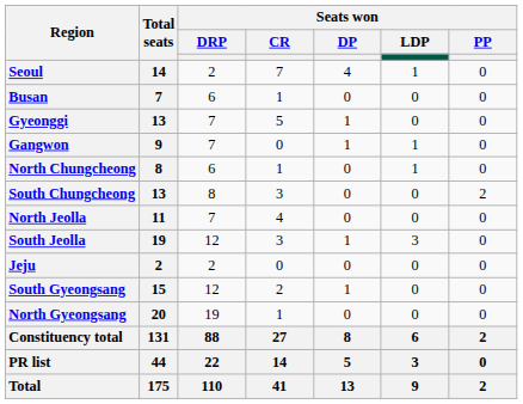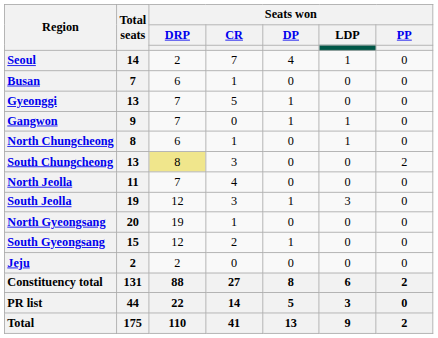 <table class="wikitable" style="text-align:center; font-size: 0.9em">
 <tr>
 <th rowspan="3">Region</th>
 <th rowspan="3">Total<br>seats</th>
 <th colspan="5">Seats won</th>
 </tr>
 <tr>
 <th class="unsortable" style="width:60px"><a href='#'>DRP</a></th>
 <th class="unsortable" style="width:60px"><a href='#'>CR</a></th>
 <th class="unsortable" style="width:60px"><a href='#'>DP</a></th>
 <th class="unsortable" style="width:60px">LDP</th>
 <th class="unsortable" style="width:60px"><a href='#'>PP</a></th>
 </tr>
 <tr>
 <th style="background:"></th>
 <th style="background:"></th>
 <th style="background:"></th>
 <th style="background:#005848"></th>
 <th style="background:"></th>
 </tr>
 <tr>
 <th style="text-align: left"><a href='#'>Seoul</a></th>
 <th>14</th>
 <td>2</td>
 <td>7</td>
 <td>4</td>
 <td>1</td>
 <td>0</td>
 </tr>
 <tr>
 <th style="text-align: left"><a href='#'>Busan</a></th>
 <th>7</th>
 <td>6</td>
 <td>1</td>
 <td>0</td>
 <td>0</td>
 <td>0</td>
 </tr>
 <tr>
 <th style="text-align: left"><a href='#'>Gyeonggi</a></th>
 <th>13</th>
 <td>7</td>
 <td>5</td>
 <td>1</td>
 <td>0</td>
 <td>0</td>
 </tr>
 <tr>
 <th style="text-align: left"><a href='#'>Gangwon</a></th>
 <th>9</th>
 <td>7</td>
 <td>0</td>
 <td>1</td>
 <td>1</td>
 <td>0</td>
 </tr>
 <tr>
 <th style="text-align: left"><a href='#'>North Chungcheong</a></th>
 <th>8</th>
 <td>6</td>
 <td>1</td>
 <td>0</td>
 <td>1</td>
 <td>0</td>
 </tr>
 <tr>
 <th style="text-align: left"><a href='#'>South Chungcheong</a></th>
 <th>13</th>
-<td>8</td>
+<td style="background: khaki;">8</td>
 <td>3</td>
 <td>0</td>
 <td>0</td>
 <td>2</td>
 </tr>
 <tr>
 <th style="text-align: left"><a href='#'>North Jeolla</a></th>
 <th>11</th>
 <td>7</td>
 <td>4</td>
 <td>0</td>
 <td>0</td>
 <td>0</td>
 </tr>
 <tr>
 <th style="text-align: left"><a href='#'>South Jeolla</a></th>
 <th>19</th>
 <td>12</td>
 <td>3</td>
 <td>1</td>
 <td>3</td>
 <td>0</td>
 </tr>
 <tr>
-<th style="text-align: left"><a href='#'>Jeju</a></th>
-<th>2</th>
-<td>2</td>
-<td>0</td>
+<th style="text-align: left"><a href='#'>North Gyeongsang</a></th>
+<th>20</th>
+<td>19</td>
+<td>1</td>
 <td>0</td>
 <td>0</td>
 <td>0</td>
 </tr>
 <tr>
 <th style="text-align: left"><a href='#'>South Gyeongsang</a></th>
 <th>15</th>
 <td>12</td>
 <td>2</td>
 <td>1</td>
 <td>0</td>
 <td>0</td>
 </tr>
 <tr>
-<th style="text-align: left"><a href='#'>North Gyeongsang</a></th>
-<th>20</th>
-<td>19</td>
-<td>1</td>
+<th style="text-align: left"><a href='#'>Jeju</a></th>
+<th>2</th>
+<td>2</td>
+<td>0</td>
 <td>0</td>
 <td>0</td>
 <td>0</td>
 </tr>
 <tr class="sortbottom">
 <th style="text-align: left">Constituency total</th>
 <th>131</th>
 <th>88</th>
 <th>27</th>
 <th>8</th>
 <th>6</th>
 <th>2</th>
 </tr>
 <tr>
 <th style="text-align: left">PR list</th>
 <th>44</th>
 <th>22</th>
 <th>14</th>
 <th>5</th>
 <th>3</th>
 <th>0</th>
 </tr>
 <tr>
 <th style="text-align: left">Total</th>
 <th>175</th>
 <th>110</th>
 <th>41</th>
 <th>13</th>
 <th>9</th>
 <th>2</th>
 </tr>
 </table>
